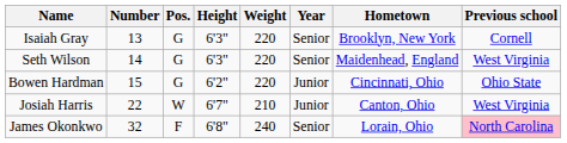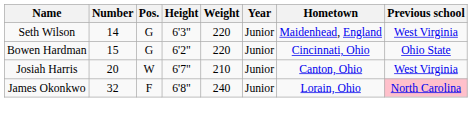 <table class="wikitable sortable" style="text-align:center">
 <tr align=center>
 <th>Name</th>
 <th>Number</th>
 <th>Pos.</th>
 <th>Height</th>
 <th>Weight</th>
 <th>Year</th>
 <th>Hometown</th>
 <th class="unsortable">Previous school</th>
 </tr>
 <tr>
-<td>Isaiah Gray</td>
-<td>13</td>
-<td>G</td>
-<td>6'3"</td>
-<td>220</td>
-<td>Senior</td>
-<td><a href='#'>Brooklyn, New York</a></td>
-<td><a href='#'>Cornell</a></td>
-</tr>
-<tr>
 <td>Seth Wilson</td>
 <td>14</td>
 <td>G</td>
 <td>6'3"</td>
 <td>220</td>
-<td>Senior</td>
+<td>Junior</td>
 <td><a href='#'>Maidenhead</a>, <a href='#'>England</a></td>
 <td><a href='#'>West Virginia</a></td>
 </tr>
 <tr>
 <td>Bowen Hardman</td>
 <td>15</td>
 <td>G</td>
 <td>6'2"</td>
 <td>220</td>
 <td>Junior</td>
 <td><a href='#'>Cincinnati, Ohio</a></td>
 <td><a href='#'>Ohio State</a></td>
 </tr>
 <tr>
 <td>Josiah Harris</td>
-<td>22</td>
+<td>20</td>
 <td>W</td>
 <td>6'7"</td>
 <td>210</td>
 <td>Junior</td>
 <td><a href='#'>Canton, Ohio</a></td>
 <td><a href='#'>West Virginia</a></td>
 </tr>
 <tr>
 <td>James Okonkwo</td>
 <td>32</td>
 <td>F</td>
 <td>6'8"</td>
 <td>240</td>
-<td>Senior</td>
+<td>Junior</td>
 <td><a href='#'>Lorain, Ohio</a></td>
 <td style="background: pink;"><a href='#'>North Carolina</a></td>
 </tr>
 </table>
